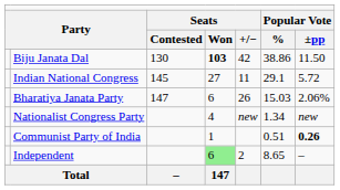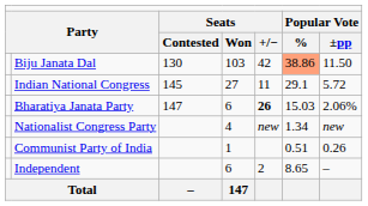 <table class="wikitable">
 <tr>
 <td colspan="7"></td>
 </tr>
 <tr>
 <th colspan="2" rowspan="2">Party</th>
 <th colspan="3">Seats</th>
 <th colspan="2">Popular Vote</th>
 </tr>
 <tr>
 <th>Contested</th>
 <th>Won</th>
 <th><strong>+/−</strong></th>
 <th>%</th>
 <th>±<a href='#'>pp</a></th>
 </tr>
 <tr>
 <td style="background-color: "></td>
 <td><a href='#'>Biju Janata Dal</a></td>
 <td>130</td>
-<td><strong>103</strong></td>
+<td>103</td>
 <td>42</td>
-<td>38.86</td>
+<td style="background: lightsalmon;">38.86</td>
 <td>11.50</td>
 </tr>
 <tr>
 <td style="background-color: "></td>
 <td><a href='#'>Indian National Congress</a></td>
 <td>145</td>
 <td>27</td>
 <td>11</td>
 <td>29.1</td>
 <td>5.72</td>
 </tr>
 <tr>
 <td style="background-color: "></td>
 <td><a href='#'>Bharatiya Janata Party</a></td>
 <td>147</td>
 <td>6</td>
-<td>26</td>
+<td><strong>26</strong></td>
 <td>15.03</td>
 <td>2.06%</td>
 </tr>
 <tr>
 <td style="background-color: "></td>
 <td><a href='#'>Nationalist Congress Party</a></td>
 <td></td>
 <td>4</td>
 <td><em>new</em></td>
 <td>1.34</td>
 <td><em>new</em></td>
 </tr>
 <tr>
 <td style="background-color: "></td>
 <td><a href='#'>Communist Party of India</a></td>
 <td></td>
 <td>1</td>
 <td></td>
 <td>0.51</td>
-<td><strong>0.26</strong></td>
+<td>0.26</td>
 </tr>
 <tr>
 <td style="background-color: "></td>
 <td><a href='#'>Independent</a></td>
 <td></td>
-<td style="background: lightgreen;">6</td>
+<td>6</td>
 <td>2</td>
 <td>8.65</td>
 <td>–</td>
 </tr>
 <tr>
 <th colspan="2">Total</th>
 <th>–</th>
 <th>147</th>
 <th></th>
 <th></th>
 <th></th>
 </tr>
 </table>
